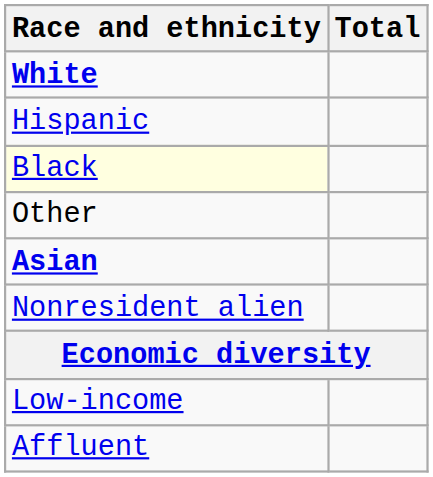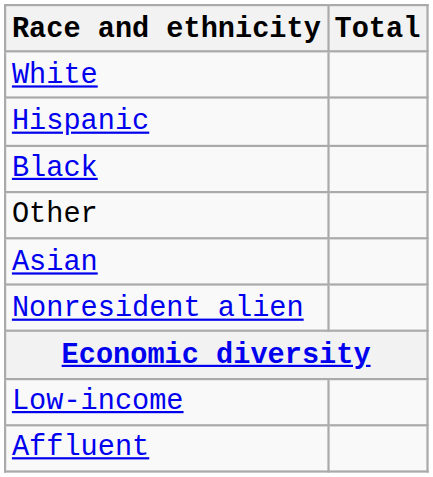 <table class="wikitable floatright sortable collapsible"; text-align:right; font-size:80%;">
 <tr>
 <th>Race and ethnicity</th>
 <th colspan="2" data-sort-type=number>Total</th>
 </tr>
 <tr>
-<td><strong><a href='#'>White</a></strong></td>
+<td><a href='#'>White</a></td>
 <td align=right></td>
 </tr>
 <tr>
 <td><a href='#'>Hispanic</a></td>
 <td align=right></td>
 </tr>
 <tr>
-<td style="background: lightyellow;"><a href='#'>Black</a></td>
+<td><a href='#'>Black</a></td>
 <td align=right></td>
 </tr>
 <tr>
 <td>Other</td>
 <td align=right></td>
 </tr>
 <tr>
-<td><strong><a href='#'>Asian</a></strong></td>
+<td><a href='#'>Asian</a></td>
 <td align=right></td>
 </tr>
 <tr>
 <td><a href='#'>Nonresident alien</a></td>
 <td align=right></td>
 </tr>
 <tr>
 <th colspan="4" data-sort-type=number><a href='#'>Economic diversity</a></th>
 </tr>
 <tr>
 <td><a href='#'>Low-income</a></td>
 <td align=right></td>
 </tr>
 <tr>
 <td><a href='#'>Affluent</a></td>
 <td align=right></td>
 </tr>
 </table>
